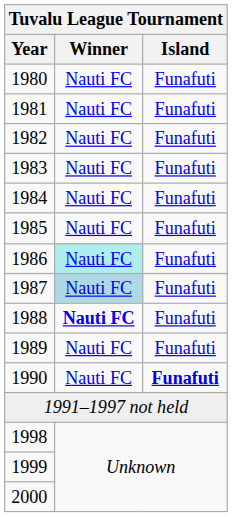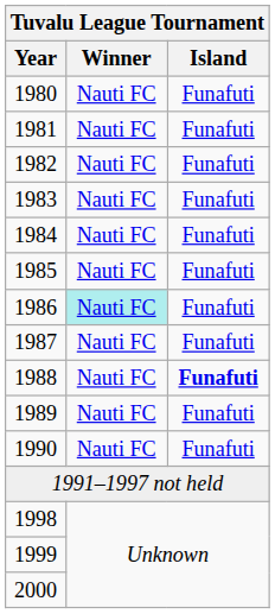 <table class="wikitable" style="text-align: center; font-size:95%;">
 <tr>
 <th colspan=3>Tuvalu League Tournament</th>
 </tr>
 <tr>
 <th>Year</th>
 <th>Winner</th>
 <th>Island</th>
 </tr>
 <tr>
 <td>1980</td>
 <td><a href='#'>Nauti FC</a></td>
 <td><a href='#'>Funafuti</a></td>
 </tr>
 <tr>
 <td>1981</td>
 <td><a href='#'>Nauti FC</a></td>
 <td><a href='#'>Funafuti</a></td>
 </tr>
 <tr>
 <td>1982</td>
 <td><a href='#'>Nauti FC</a></td>
 <td><a href='#'>Funafuti</a></td>
 </tr>
 <tr>
 <td>1983</td>
 <td><a href='#'>Nauti FC</a></td>
 <td><a href='#'>Funafuti</a></td>
 </tr>
 <tr>
 <td>1984</td>
 <td><a href='#'>Nauti FC</a></td>
 <td><a href='#'>Funafuti</a></td>
 </tr>
 <tr>
 <td>1985</td>
 <td><a href='#'>Nauti FC</a></td>
 <td><a href='#'>Funafuti</a></td>
 </tr>
 <tr>
 <td>1986</td>
 <td style="background: paleturquoise;"><a href='#'>Nauti FC</a></td>
 <td><a href='#'>Funafuti</a></td>
 </tr>
 <tr>
 <td>1987</td>
-<td style="background: lightblue;"><a href='#'>Nauti FC</a></td>
+<td><a href='#'>Nauti FC</a></td>
 <td><a href='#'>Funafuti</a></td>
 </tr>
 <tr>
 <td>1988</td>
-<td><strong><a href='#'>Nauti FC</a></strong></td>
-<td><a href='#'>Funafuti</a></td>
+<td><a href='#'>Nauti FC</a></td>
+<td><strong><a href='#'>Funafuti</a></strong></td>
 </tr>
 <tr>
 <td>1989</td>
 <td><a href='#'>Nauti FC</a></td>
 <td><a href='#'>Funafuti</a></td>
 </tr>
 <tr>
 <td>1990</td>
 <td><a href='#'>Nauti FC</a></td>
-<td><strong><a href='#'>Funafuti</a></strong></td>
+<td><a href='#'>Funafuti</a></td>
 </tr>
 <tr>
 <td colspan=3 style=background:#efefef align=center><em>1991–1997 not held</em></td>
 </tr>
 <tr>
 <td>1998</td>
 <td rowspan=3 colspan=2><em>Unknown</em></td>
 </tr>
 <tr>
 <td>1999</td>
 </tr>
 <tr>
 <td>2000</td>
 </tr>
 </table>
